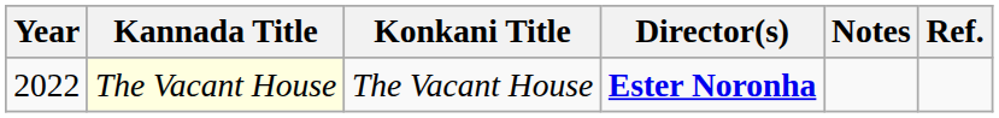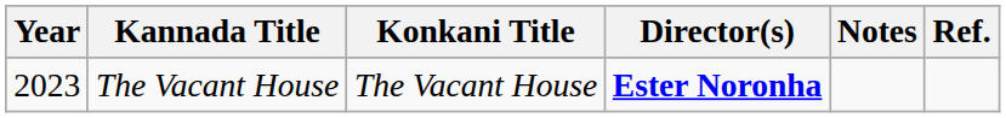 <table class="wikitable">
 <tr>
 <th>Year</th>
 <th>Kannada Title</th>
 <th>Konkani Title</th>
 <th>Director(s)</th>
 <th>Notes</th>
 <th>Ref.</th>
 </tr>
 <tr>
-<td>2022</td>
-<td style="background: lightyellow;"><em>The Vacant House</em></td>
+<td>2023</td>
+<td><em>The Vacant House</em></td>
 <td><em>The Vacant House</em></td>
 <td><strong><a href='#'>Ester Noronha</a></strong></td>
 <td></td>
 <td></td>
 </tr>
 </table>
